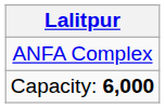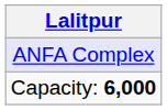 <table class="wikitable" style="margin:1em auto; text-align:center">
 <tr>
 <th><a href='#'>Lalitpur</a></th>
 </tr>
 <tr>
-<td><a href='#'>ANFA Complex</a></td>
+<td style="background: lavender;"><a href='#'>ANFA Complex</a></td>
 </tr>
 <tr>
 <td>Capacity: <strong>6,000</strong></td>
 </tr>
 </table>
